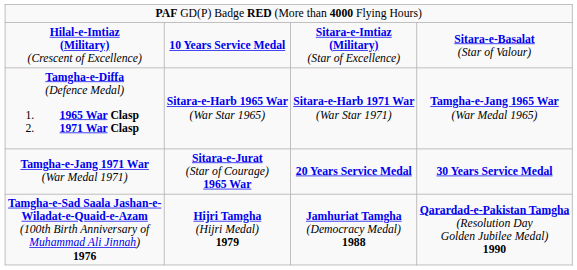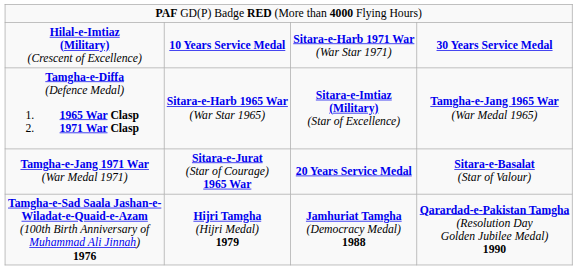 <table class="wikitable" style="margin:1em auto; text-align:center;">
 <tr>
 <td colspan="5"><strong>PAF</strong> GD(P) Badge <strong>RED</strong> (More than <strong>4000</strong> Flying Hours)</td>
 </tr>
 <tr>
 <td><strong><a href='#'>Hilal-e-Imtiaz</a></strong><br><strong><a href='#'>(Military)</a></strong><br><em>(Crescent of Excellence)</em></td>
 <td><strong><a href='#'>10 Years Service Medal</a></strong></td>
-<td><strong><a href='#'>Sitara-e-Imtiaz</a></strong><br><strong><a href='#'>(Military)</a></strong><br><em>(Star of Excellence)</em></td>
-<td><strong><a href='#'>Sitara-e-Basalat</a></strong><br><em>(Star of Valour)</em></td>
+<td><strong><a href='#'>Sitara-e-Harb 1971 War</a></strong><br><em>(War Star 1971)</em></td>
+<td><strong><a href='#'>30 Years Service Medal</a></strong></td>
 </tr>
 <tr>
 <td><strong><a href='#'>Tamgha-e-Diffa</a></strong><br><em>(Defence Medal)</em><ol><li><strong><a href='#'>1965 War</a> Clasp</strong></li><li><strong><a href='#'>1971 War</a> Clasp</strong></li></ol></td>
 <td><strong><a href='#'>Sitara-e-Harb 1965 War</a></strong><br><em>(War Star 1965)</em></td>
-<td><strong><a href='#'>Sitara-e-Harb 1971 War</a></strong><br><em>(War Star 1971)</em></td>
+<td><strong><a href='#'>Sitara-e-Imtiaz</a></strong><br><strong><a href='#'>(Military)</a></strong><br><em>(Star of Excellence)</em></td>
 <td><a href='#'><strong>Tamgha-e-Jang 1965 War</strong></a><br><em>(War Medal 1965)</em></td>
 </tr>
 <tr>
 <td><strong><a href='#'>Tamgha-e-Jang 1971 War</a></strong><br><em>(War Medal 1971)</em></td>
 <td><strong><a href='#'>Sitara-e-Jurat</a></strong><br><em>(Star of Courage)</em><br><strong><a href='#'>1965 War</a></strong></td>
 <td><strong><a href='#'>20 Years Service Medal</a></strong></td>
-<td><strong><a href='#'>30 Years Service Medal</a></strong></td>
+<td><strong><a href='#'>Sitara-e-Basalat</a></strong><br><em>(Star of Valour)</em></td>
 </tr>
 <tr>
 <td><strong><a href='#'>Tamgha-e-Sad Saala Jashan-e-</a></strong><br><strong><a href='#'>Wiladat-e-Quaid-e-Azam</a></strong><br><em>(100th Birth Anniversary of</em><br><em><a href='#'>Muhammad Ali Jinnah</a>)</em><br><strong>1976</strong></td>
 <td><strong><a href='#'>Hijri Tamgha</a></strong><br><em>(Hijri Medal)</em><br><strong>1979</strong></td>
 <td><strong><a href='#'>Jamhuriat Tamgha</a></strong><br><em>(Democracy Medal)</em><br><strong>1988</strong></td>
 <td><strong><a href='#'>Qarardad-e-Pakistan Tamgha</a></strong><br><em>(Resolution Day</em><br><em>Golden Jubilee Medal)</em><br><strong>1990</strong></td>
 </tr>
 </table>
